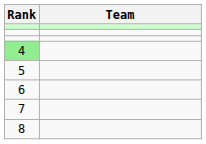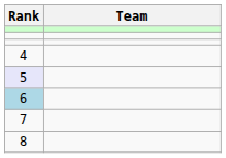 <table class="wikitable">
 <tr>
 <th>Rank</th>
 <th style="width:170px;">Team</th>
 </tr>
 <tr style="background:#ccffcc;">
 <td align=center></td>
 <td></td>
 </tr>
 <tr>
 <td align=center></td>
 <td></td>
 </tr>
 <tr>
 <td align=center></td>
 <td></td>
 </tr>
 <tr>
-<td align=center style="background: lightgreen;">4</td>
+<td align=center>4</td>
 <td></td>
 </tr>
 <tr>
-<td align=center>5</td>
+<td align=center style="background: lavender;">5</td>
 <td></td>
 </tr>
 <tr>
-<td align=center>6</td>
+<td align=center style="background: lightblue;">6</td>
 <td></td>
 </tr>
 <tr>
 <td align=center>7</td>
 <td></td>
 </tr>
 <tr>
 <td align=center>8</td>
 <td></td>
 </tr>
 </table>
